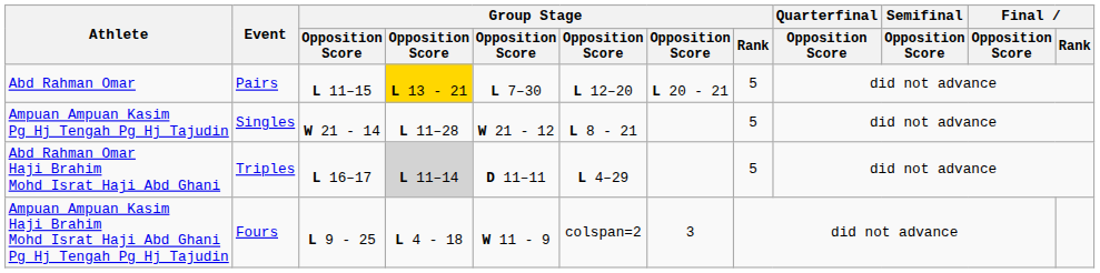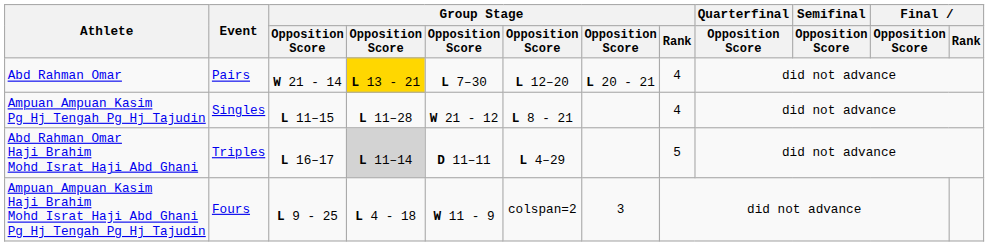 <table class="wikitable" style="font-size:88%">
 <tr>
 <th rowspan=2>Athlete</th>
 <th rowspan=2>Event</th>
 <th colspan=6>Group Stage</th>
 <th>Quarterfinal</th>
 <th>Semifinal</th>
 <th colspan=2>Final / </th>
 </tr>
 <tr style="font-size:95%">
 <th>Opposition<br>Score</th>
 <th>Opposition<br>Score</th>
 <th>Opposition<br>Score</th>
 <th>Opposition<br>Score</th>
 <th>Opposition<br>Score</th>
 <th>Rank</th>
 <th>Opposition<br>Score</th>
 <th>Opposition<br>Score</th>
 <th>Opposition<br>Score</th>
 <th>Rank</th>
 </tr>
 <tr align=center>
 <td align=left><a href='#'>Abd Rahman Omar</a></td>
 <td align=left><a href='#'>Pairs</a></td>
-<td><br><strong>L</strong> 11–15</td>
+<td><br><strong>W</strong> 21 - 14</td>
 <td style="background: gold;"><br><strong>L</strong> 13 - 21</td>
 <td><br><strong>L</strong> 7–30</td>
 <td><br><strong>L</strong> 12–20</td>
 <td><br><strong>L</strong> 20 - 21</td>
-<td>5</td>
+<td>4</td>
 <td colspan=4>did not advance</td>
 </tr>
 <tr align=center>
 <td align=left><a href='#'>Ampuan Ampuan Kasim</a><br><a href='#'>Pg Hj Tengah Pg Hj Tajudin</a></td>
 <td align=left><a href='#'>Singles</a></td>
-<td><br><strong>W</strong> 21 - 14</td>
+<td><br><strong>L</strong> 11–15</td>
 <td><br><strong>L</strong> 11–28</td>
 <td><br><strong>W</strong> 21 - 12</td>
 <td><br><strong>L</strong> 8 - 21</td>
 <td></td>
-<td>5</td>
+<td>4</td>
 <td colspan=4>did not advance</td>
 </tr>
 <tr align=center>
 <td align=left><a href='#'>Abd Rahman Omar</a><br><a href='#'>Haji Brahim</a><br><a href='#'>Mohd Israt Haji Abd Ghani</a></td>
 <td align=left><a href='#'>Triples</a></td>
 <td><br><strong>L</strong> 16–17</td>
 <td style="background: lightgrey;"><br><strong>L</strong> 11–14</td>
 <td><br><strong>D</strong> 11–11</td>
 <td><br><strong>L</strong> 4–29</td>
 <td></td>
 <td>5</td>
 <td colspan=4>did not advance</td>
 </tr>
 <tr align=center>
 <td align=left><a href='#'>Ampuan Ampuan Kasim</a><br><a href='#'>Haji Brahim</a><br><a href='#'>Mohd Israt Haji Abd Ghani</a><br><a href='#'>Pg Hj Tengah Pg Hj Tajudin</a></td>
 <td align=left><a href='#'>Fours</a></td>
 <td><br><strong>L</strong> 9 - 25</td>
 <td><br><strong>L</strong> 4 - 18</td>
 <td><br><strong>W</strong> 11 - 9</td>
 <td>colspan=2 </td>
 <td>3</td>
 <td colspan=4>did not advance</td>
 </tr>
 </table>
